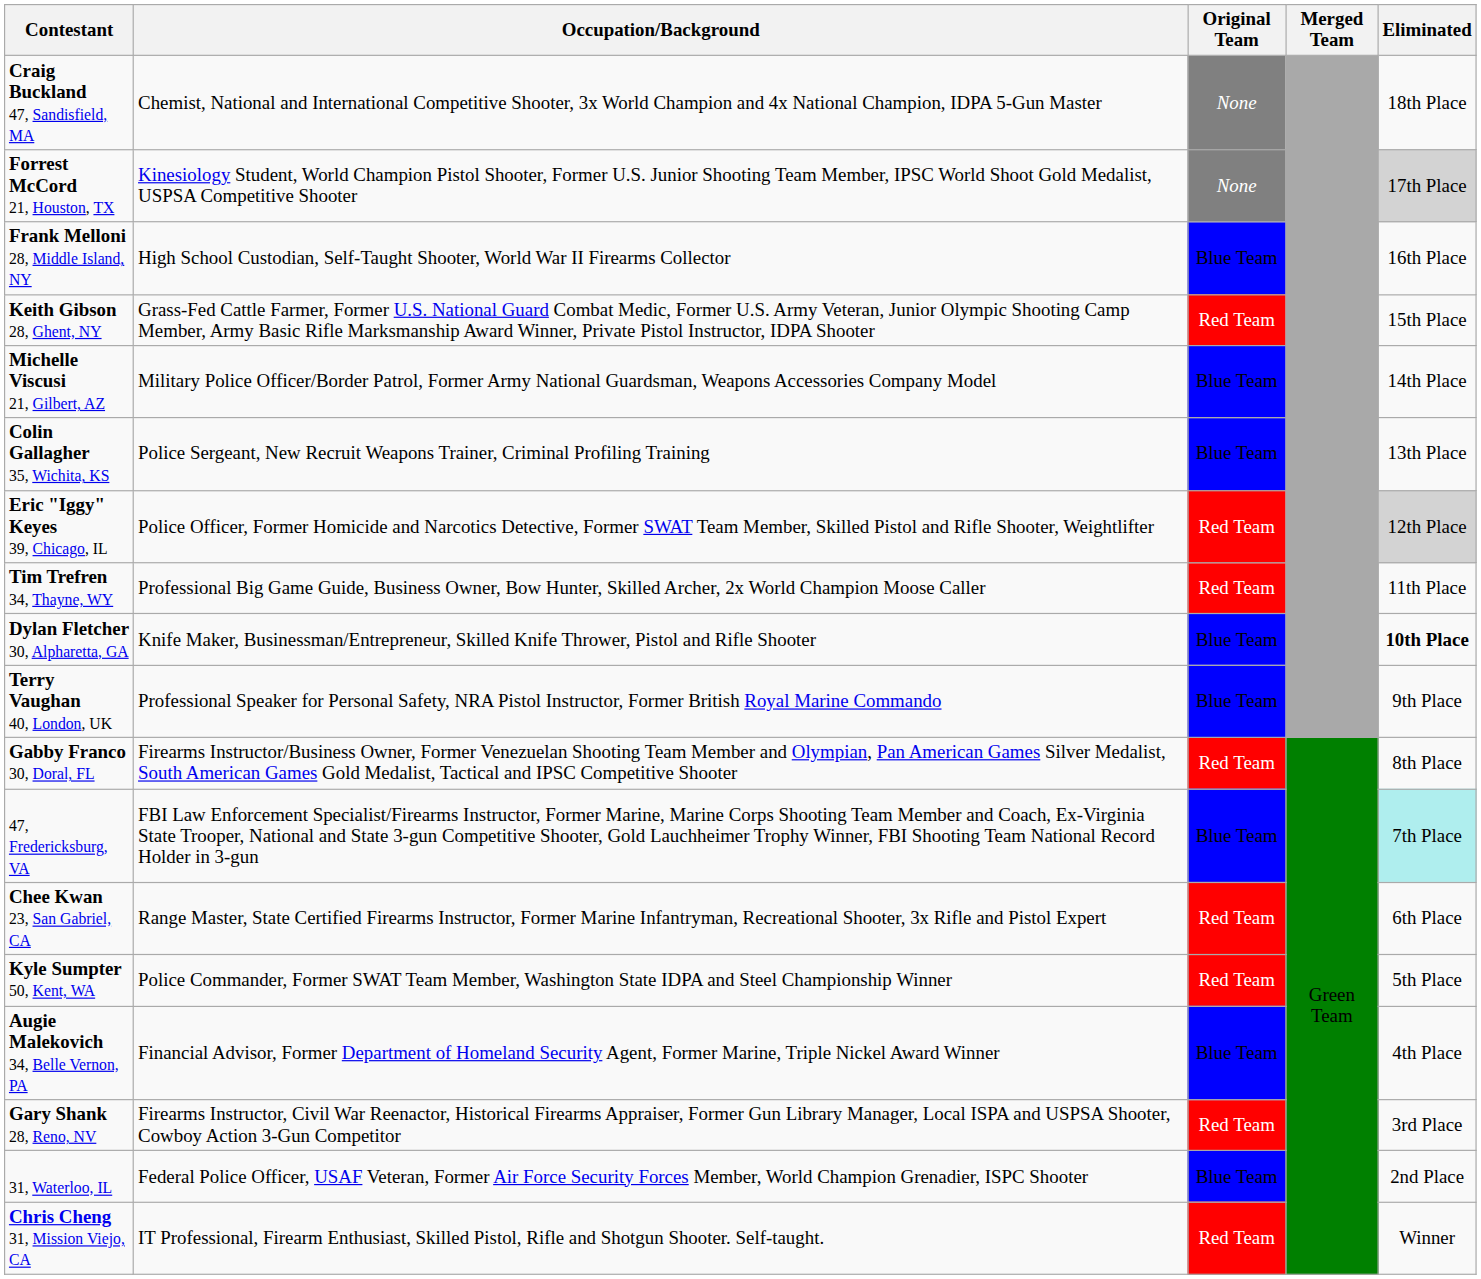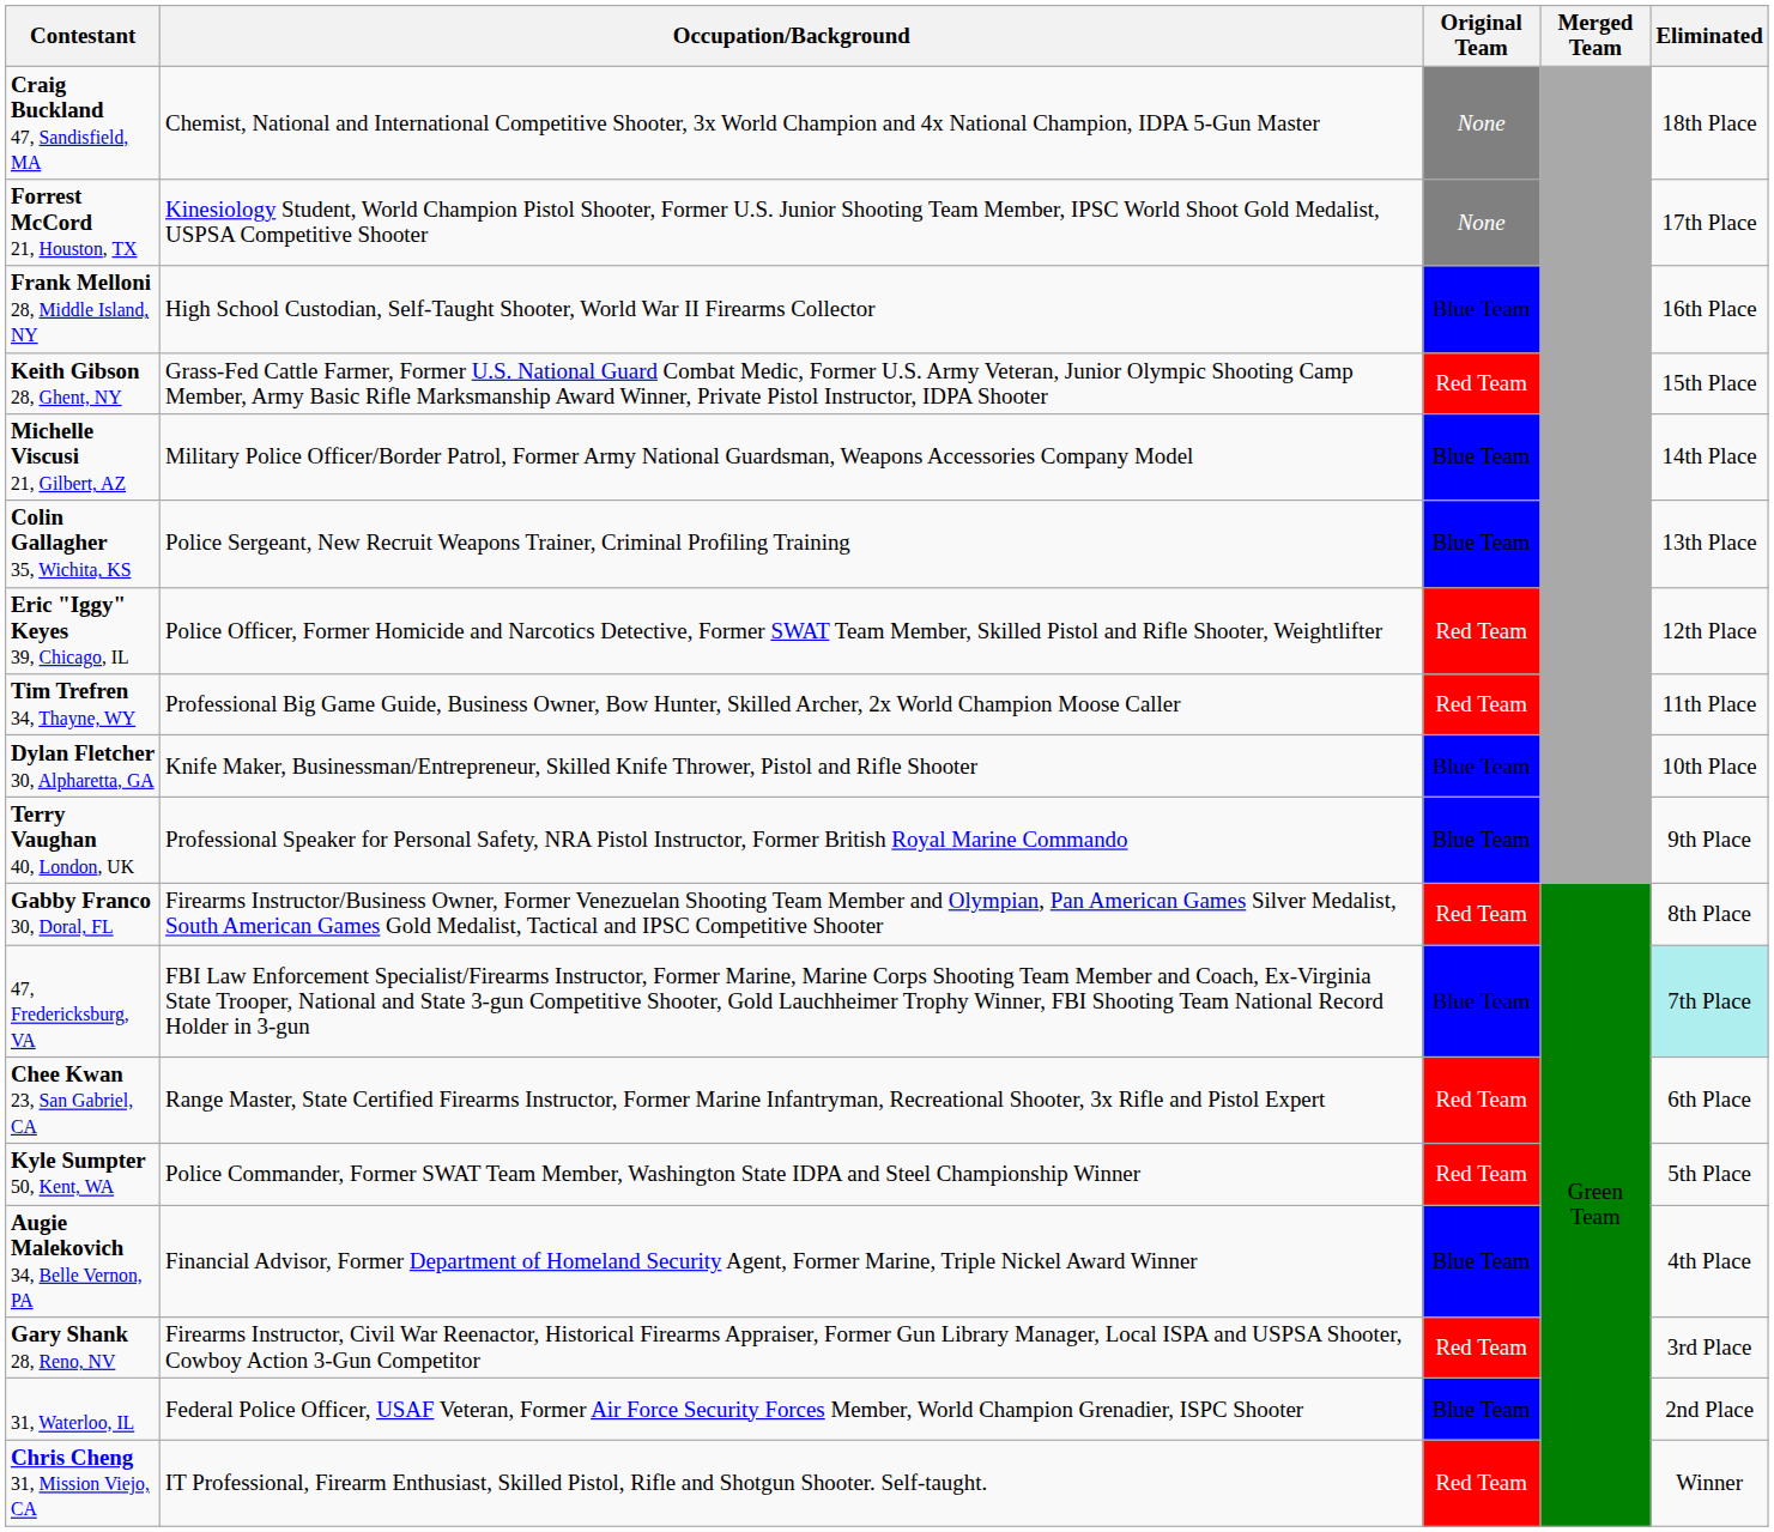 <table class="wikitable">
 <tr>
 <th>Contestant</th>
 <th>Occupation/Background</th>
 <th>Original Team</th>
 <th>Merged Team</th>
 <th>Eliminated</th>
 </tr>
 <tr>
 <td><strong>Craig Buckland</strong><br><small>47, <a href='#'>Sandisfield, MA</a></small></td>
 <td>Chemist, National and International Competitive Shooter, 3x World Champion and 4x National Champion, IDPA 5-Gun Master</td>
 <td style="text-align:center; background-color:grey; color:white;"><em>None</em></td>
 <td bgcolor="darkgray" rowspan=10></td>
 <td align="center">18th Place</td>
 </tr>
 <tr>
 <td><strong>Forrest McCord</strong><br><small>21, <a href='#'>Houston</a>, <a href='#'>TX</a></small></td>
 <td><a href='#'>Kinesiology</a> Student, World Champion Pistol Shooter, Former U.S. Junior Shooting Team Member, IPSC World Shoot Gold Medalist, USPSA Competitive Shooter</td>
 <td style="text-align:center; background-color:grey; color:white;"><em>None</em></td>
-<td align="center" style="background: lightgrey;">17th Place</td>
+<td align="center">17th Place</td>
 </tr>
 <tr>
 <td><strong>Frank Melloni</strong><br><small>28, <a href='#'>Middle Island, NY</a></small></td>
 <td>High School Custodian, Self-Taught Shooter, World War II Firearms Collector</td>
 <td bgcolor="blue" align="center"><span>Blue Team</span></td>
 <td align="center">16th Place</td>
 </tr>
 <tr>
 <td><strong>Keith Gibson</strong><br><small>28, <a href='#'>Ghent, NY</a></small></td>
 <td>Grass-Fed Cattle Farmer, Former <a href='#'>U.S. National Guard</a> Combat Medic, Former U.S. Army Veteran, Junior Olympic Shooting Camp Member, Army Basic Rifle Marksmanship Award Winner, Private Pistol Instructor, IDPA Shooter</td>
 <td style="text-align:center; background-color:red; color:white;">Red Team</td>
 <td align="center">15th Place</td>
 </tr>
 <tr>
 <td><strong>Michelle Viscusi</strong><br><small>21, <a href='#'>Gilbert, AZ</a></small></td>
 <td>Military Police Officer/Border Patrol, Former Army National Guardsman, Weapons Accessories Company Model</td>
 <td bgcolor="blue" align="center"><span>Blue Team</span></td>
 <td align="center">14th Place</td>
 </tr>
 <tr>
 <td><strong>Colin Gallagher</strong><br><small>35, <a href='#'>Wichita, KS</a></small></td>
 <td>Police Sergeant, New Recruit Weapons Trainer, Criminal Profiling Training</td>
 <td bgcolor="blue" align="center"><span>Blue Team</span></td>
 <td align="center">13th Place</td>
 </tr>
 <tr>
 <td><strong>Eric "Iggy" Keyes</strong><br><small>39, <a href='#'>Chicago</a>, IL</small></td>
 <td>Police Officer, Former Homicide and Narcotics Detective, Former <a href='#'>SWAT</a> Team Member, Skilled Pistol and Rifle Shooter, Weightlifter</td>
 <td style="text-align:center; background-color:red; color:white;">Red Team</td>
-<td align="center" style="background: lightgrey;">12th Place</td>
+<td align="center">12th Place</td>
 </tr>
 <tr>
 <td><strong>Tim Trefren</strong><br><small>34, <a href='#'>Thayne, WY</a></small></td>
 <td>Professional Big Game Guide, Business Owner, Bow Hunter, Skilled Archer, 2x World Champion Moose Caller</td>
 <td style="text-align:center; background-color:red; color:white;">Red Team</td>
 <td align="center">11th Place</td>
 </tr>
 <tr>
 <td><strong>Dylan Fletcher</strong><br><small>30, <a href='#'>Alpharetta, GA</a></small></td>
 <td>Knife Maker, Businessman/Entrepreneur, Skilled Knife Thrower, Pistol and Rifle Shooter</td>
 <td bgcolor="blue" align="center"><span>Blue Team</span></td>
-<td align="center"><strong>10th Place</strong></td>
+<td align="center">10th Place</td>
 </tr>
 <tr>
 <td><strong>Terry Vaughan</strong><br><small>40, <a href='#'>London</a>, UK</small></td>
 <td>Professional Speaker for Personal Safety, NRA Pistol Instructor, Former British <a href='#'>Royal Marine Commando</a></td>
 <td bgcolor="blue" align="center"><span>Blue Team</span></td>
 <td align="center">9th Place</td>
 </tr>
 <tr>
 <td><strong>Gabby Franco</strong><br><small>30, <a href='#'>Doral, FL</a></small></td>
 <td>Firearms Instructor/Business Owner, Former Venezuelan Shooting Team Member and <a href='#'>Olympian</a>, <a href='#'>Pan American Games</a> Silver Medalist, <a href='#'>South American Games</a> Gold Medalist, Tactical and IPSC Competitive Shooter</td>
 <td style="text-align:center; background-color:red; color:white;">Red Team</td>
 <td rowspan=8 bgcolor="green" align="center"><span>Green Team</span></td>
 <td align="center">8th Place</td>
 </tr>
 <tr>
 <td><br><small>47, <a href='#'>Fredericksburg, VA</a></small></td>
 <td>FBI Law Enforcement Specialist/Firearms Instructor, Former Marine, Marine Corps Shooting Team Member and Coach, Ex-Virginia State Trooper, National and State 3-gun Competitive Shooter, Gold Lauchheimer Trophy Winner, FBI Shooting Team National Record Holder in 3-gun</td>
 <td bgcolor="blue" align="center"><span>Blue Team</span></td>
 <td align="center" style="background: paleturquoise;">7th Place</td>
 </tr>
 <tr>
 <td><strong>Chee Kwan</strong><br><small>23, <a href='#'>San Gabriel, CA</a></small></td>
 <td>Range Master, State Certified Firearms Instructor, Former Marine Infantryman, Recreational Shooter, 3x Rifle and Pistol Expert</td>
 <td style="text-align:center; background-color:red; color:white;">Red Team</td>
 <td align="center">6th Place</td>
 </tr>
 <tr>
 <td><strong>Kyle Sumpter</strong><br><small>50, <a href='#'>Kent, WA</a></small></td>
 <td>Police Commander, Former SWAT Team Member, Washington State IDPA and Steel Championship Winner</td>
 <td style="text-align:center; background-color:red; color:white;">Red Team</td>
 <td align="center">5th Place</td>
 </tr>
 <tr>
 <td><strong>Augie Malekovich</strong><br><small>34, <a href='#'>Belle Vernon, PA</a></small></td>
 <td>Financial Advisor, Former <a href='#'>Department of Homeland Security</a> Agent, Former Marine, Triple Nickel Award Winner</td>
 <td bgcolor="blue" align="center"><span>Blue Team</span></td>
 <td align="center">4th Place</td>
 </tr>
 <tr>
 <td><strong>Gary Shank</strong><br><small>28, <a href='#'>Reno, NV</a></small></td>
 <td>Firearms Instructor, Civil War Reenactor, Historical Firearms Appraiser, Former Gun Library Manager, Local ISPA and USPSA Shooter, Cowboy Action 3-Gun Competitor</td>
 <td style="text-align:center; background-color:red; color:white;">Red Team</td>
 <td align="center">3rd Place</td>
 </tr>
 <tr>
 <td><br><small>31, <a href='#'>Waterloo, IL</a></small></td>
 <td>Federal Police Officer, <a href='#'>USAF</a> Veteran, Former <a href='#'>Air Force Security Forces</a> Member, World Champion Grenadier, ISPC Shooter</td>
 <td bgcolor="blue" align="center"><span>Blue Team</span></td>
 <td align="center">2nd Place</td>
 </tr>
 <tr>
 <td><strong><a href='#'>Chris Cheng</a></strong><br><small>31, <a href='#'>Mission Viejo, CA</a></small></td>
 <td>IT Professional, Firearm Enthusiast, Skilled Pistol, Rifle and Shotgun Shooter. Self-taught.</td>
 <td style="text-align:center; background-color:red; color:white;">Red Team</td>
 <td align="center">Winner</td>
 </tr>
 </table>
